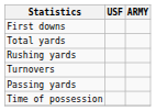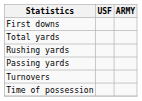 <table class="wikitable">
 <tr>
 <th>Statistics</th>
 <th>USF</th>
 <th>ARMY</th>
 </tr>
 <tr>
 <td>First downs</td>
 <td></td>
 <td></td>
 </tr>
 <tr>
 <td>Total yards</td>
 <td></td>
 <td></td>
 </tr>
 <tr>
 <td>Rushing yards</td>
 <td></td>
 <td></td>
 </tr>
 <tr>
-<td>Turnovers</td>
+<td>Passing yards</td>
 <td></td>
 <td></td>
 </tr>
 <tr>
-<td>Passing yards</td>
+<td>Turnovers</td>
 <td></td>
 <td></td>
 </tr>
 <tr>
 <td>Time of possession</td>
 <td></td>
 <td></td>
 </tr>
 <tr>
 </tr>
 </table>
